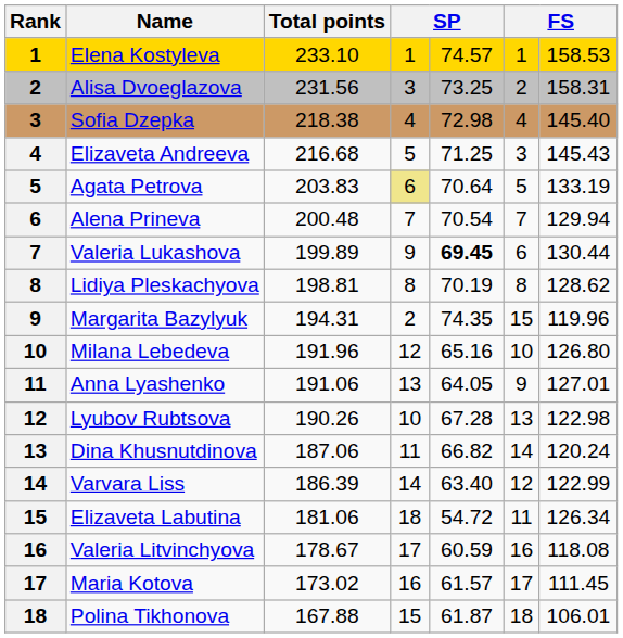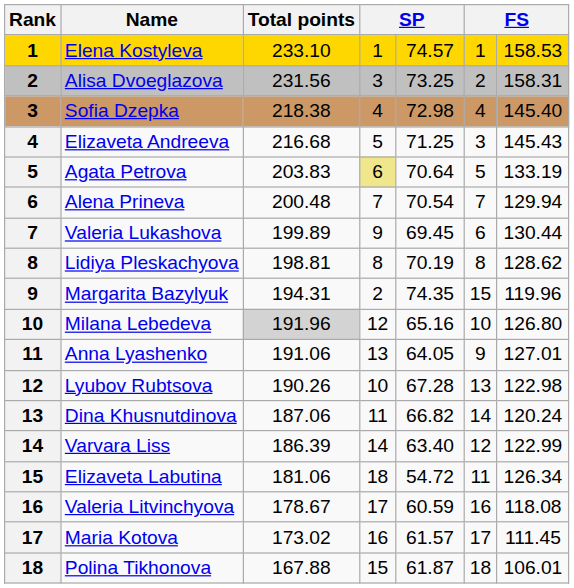 <table class="wikitable sortable">
 <tr>
 <th>Rank</th>
 <th>Name</th>
 <th>Total points</th>
 <th colspan="2" width="80px"><a href='#'>SP</a></th>
 <th colspan="2" width="80px"><a href='#'>FS</a></th>
 </tr>
 <tr bgcolor="gold">
 <td align="center"><strong>1</strong></td>
 <td><a href='#'>Elena Kostyleva</a></td>
 <td align="center">233.10</td>
 <td align="center">1</td>
 <td align="center">74.57</td>
 <td align="center">1</td>
 <td align="center">158.53</td>
 </tr>
 <tr bgcolor="silver">
 <td align="center"><strong>2</strong></td>
 <td><a href='#'>Alisa Dvoeglazova</a></td>
 <td align="center">231.56</td>
 <td align="center">3</td>
 <td align="center">73.25</td>
 <td align="center">2</td>
 <td align="center">158.31</td>
 </tr>
 <tr bgcolor="cc9966">
 <td align="center"><strong>3</strong></td>
 <td><a href='#'>Sofia Dzepka</a></td>
 <td align="center">218.38</td>
 <td align="center">4</td>
 <td align="center">72.98</td>
 <td align="center">4</td>
 <td align="center">145.40</td>
 </tr>
 <tr>
 <th>4</th>
 <td><a href='#'>Elizaveta Andreeva</a></td>
 <td align="center">216.68</td>
 <td align="center">5</td>
 <td align="center">71.25</td>
 <td align="center">3</td>
 <td align="center">145.43</td>
 </tr>
 <tr>
 <th>5</th>
 <td><a href='#'>Agata Petrova</a></td>
 <td align="center">203.83</td>
 <td align="center" style="background: khaki;">6</td>
 <td align="center">70.64</td>
 <td align="center">5</td>
 <td align="center">133.19</td>
 </tr>
 <tr>
 <th>6</th>
 <td><a href='#'>Alena Prineva</a></td>
 <td align="center">200.48</td>
 <td align="center">7</td>
 <td align="center">70.54</td>
 <td align="center">7</td>
 <td align="center">129.94</td>
 </tr>
 <tr>
 <th>7</th>
 <td><a href='#'>Valeria Lukashova</a></td>
 <td align="center">199.89</td>
 <td align="center">9</td>
-<td align="center"><strong>69.45</strong></td>
+<td align="center">69.45</td>
 <td align="center">6</td>
 <td align="center">130.44</td>
 </tr>
 <tr>
 <th>8</th>
 <td><a href='#'>Lidiya Pleskachyova</a></td>
 <td align="center">198.81</td>
 <td align="center">8</td>
 <td align="center">70.19</td>
 <td align="center">8</td>
 <td align="center">128.62</td>
 </tr>
 <tr>
 <th>9</th>
 <td><a href='#'>Margarita Bazylyuk</a></td>
 <td align="center">194.31</td>
 <td align="center">2</td>
 <td align="center">74.35</td>
 <td align="center">15</td>
 <td align="center">119.96</td>
 </tr>
 <tr>
 <th>10</th>
 <td><a href='#'>Milana Lebedeva</a></td>
-<td align="center">191.96</td>
+<td align="center" style="background: lightgrey;">191.96</td>
 <td align="center">12</td>
 <td align="center">65.16</td>
 <td align="center">10</td>
 <td align="center">126.80</td>
 </tr>
 <tr>
 <th>11</th>
 <td><a href='#'>Anna Lyashenko</a></td>
 <td align="center">191.06</td>
 <td align="center">13</td>
 <td align="center">64.05</td>
 <td align="center">9</td>
 <td align="center">127.01</td>
 </tr>
 <tr>
 <th>12</th>
 <td><a href='#'>Lyubov Rubtsova</a></td>
 <td align="center">190.26</td>
 <td align="center">10</td>
 <td align="center">67.28</td>
 <td align="center">13</td>
 <td align="center">122.98</td>
 </tr>
 <tr>
 <th>13</th>
 <td><a href='#'>Dina Khusnutdinova</a></td>
 <td align="center">187.06</td>
 <td align="center">11</td>
 <td align="center">66.82</td>
 <td align="center">14</td>
 <td align="center">120.24</td>
 </tr>
 <tr>
 <th>14</th>
 <td><a href='#'>Varvara Liss</a></td>
 <td align="center">186.39</td>
 <td align="center">14</td>
 <td align="center">63.40</td>
 <td align="center">12</td>
 <td align="center">122.99</td>
 </tr>
 <tr>
 <th>15</th>
 <td><a href='#'>Elizaveta Labutina</a></td>
 <td align="center">181.06</td>
 <td align="center">18</td>
 <td align="center">54.72</td>
 <td align="center">11</td>
 <td align="center">126.34</td>
 </tr>
 <tr>
 <th>16</th>
 <td><a href='#'>Valeria Litvinchyova</a></td>
 <td align="center">178.67</td>
 <td align="center">17</td>
 <td align="center">60.59</td>
 <td align="center">16</td>
 <td align="center">118.08</td>
 </tr>
 <tr>
 <th>17</th>
 <td><a href='#'>Maria Kotova</a></td>
 <td align="center">173.02</td>
 <td align="center">16</td>
 <td align="center">61.57</td>
 <td align="center">17</td>
 <td align="center">111.45</td>
 </tr>
 <tr>
 <th>18</th>
 <td><a href='#'>Polina Tikhonova</a></td>
 <td align="center">167.88</td>
 <td align="center">15</td>
 <td align="center">61.87</td>
 <td align="center">18</td>
 <td align="center">106.01</td>
 </tr>
 </table>
